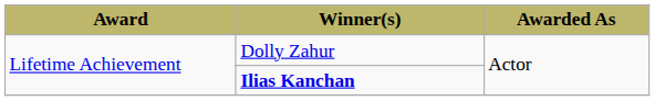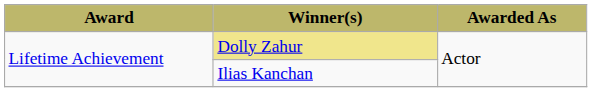 <table class="wikitable plainrowheaders;">
 <tr>
 <th style="background-color:#BDB76B;width:28%;">Award</th>
 <th style="background-color:#BDB76B;width:30%;">Winner(s)</th>
 <th style="background-color:#BDB76B;width:20%;">Awarded As</th>
 </tr>
 <tr>
 <td rowspan="2"><a href='#'>Lifetime Achievement</a></td>
-<td><a href='#'>Dolly Zahur</a></td>
+<td style="background: khaki;"><a href='#'>Dolly Zahur</a></td>
 <td rowspan="2">Actor</td>
 </tr>
 <tr>
-<td><strong><a href='#'>Ilias Kanchan</a></strong></td>
+<td><a href='#'>Ilias Kanchan</a></td>
 </tr>
 <tr>
 </tr>
 </table>
